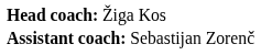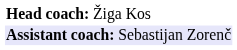 <table>
 <tr>
 <td><strong>Head coach:</strong> Žiga Kos</td>
 </tr>
 <tr>
-<td><strong>Assistant coach:</strong> Sebastijan Zorenč</td>
+<td style="background: lavender;"><strong>Assistant coach:</strong> Sebastijan Zorenč</td>
 </tr>
 <tr>
 </tr>
 </table>
